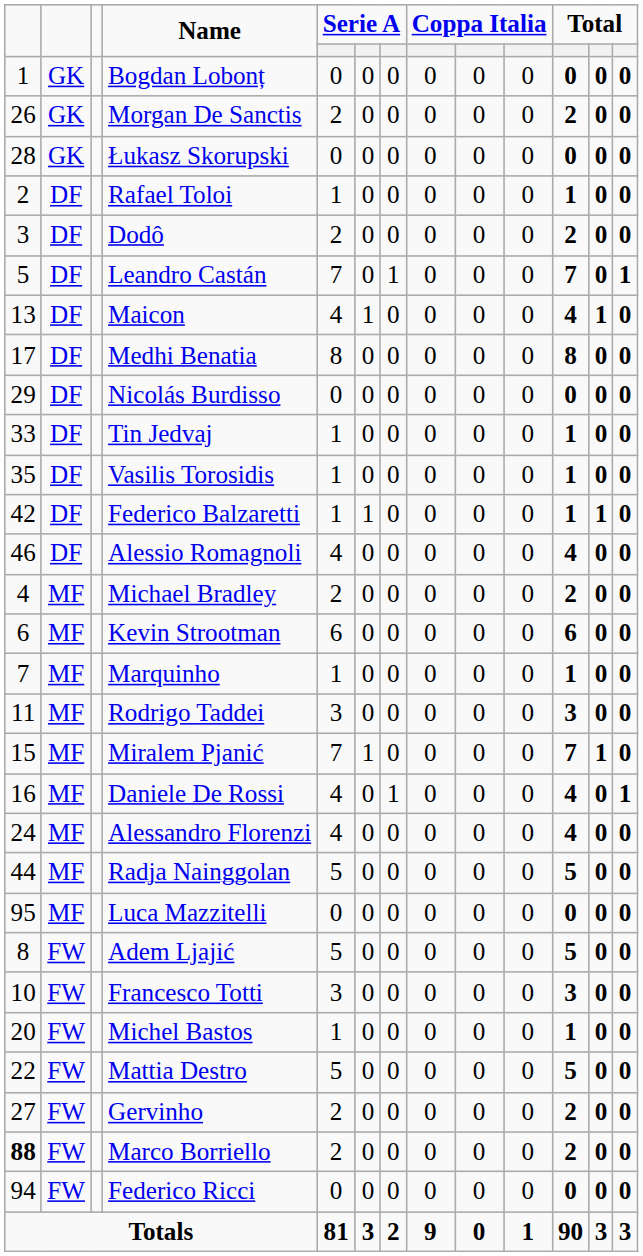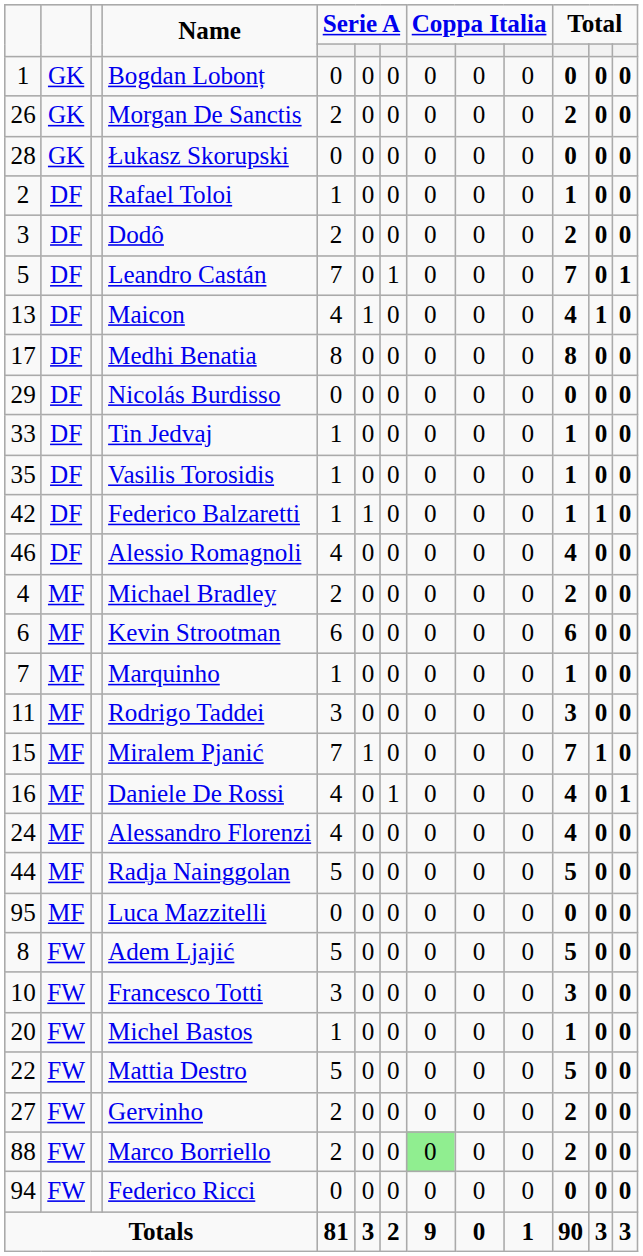 <table class="wikitable" style="text-align:center">
 <tr>
 <td rowspan="2" !width=15><strong></strong></td>
 <td rowspan="2" !width=15><strong></strong></td>
 <td rowspan="2" !width=15><strong></strong></td>
 <td rowspan="2" !width=120><strong>Name</strong></td>
 <td colspan="3"><strong><a href='#'>Serie A</a></strong></td>
 <td colspan="3"><strong><a href='#'>Coppa Italia</a></strong></td>
 <td colspan="3"><strong>Total</strong></td>
 </tr>
 <tr>
 <th "width=34; background:#fe9;"></th>
 <th "width=34; background:#fe9;"></th>
 <th "width=34; background:#ff8888;"></th>
 <th "width=34; background:#fe9;"></th>
 <th "width=34; background:#fe9;"></th>
 <th "width=34; background:#ff8888;"></th>
 <th "width=34; background:#fe9;"></th>
 <th "width=34; background:#fe9;"></th>
 <th "width=34; background:#ff8888;"></th>
 </tr>
 <tr>
 <td>1</td>
 <td><a href='#'>GK</a></td>
 <td></td>
 <td align=left><a href='#'>Bogdan Lobonț</a></td>
 <td>0</td>
 <td>0</td>
 <td>0</td>
 <td>0</td>
 <td>0</td>
 <td>0</td>
 <td><strong>0</strong></td>
 <td><strong>0</strong></td>
 <td><strong>0</strong></td>
 </tr>
 <tr>
 <td>26</td>
 <td><a href='#'>GK</a></td>
 <td></td>
 <td align=left><a href='#'>Morgan De Sanctis</a></td>
 <td>2</td>
 <td>0</td>
 <td>0</td>
 <td>0</td>
 <td>0</td>
 <td>0</td>
 <td><strong>2</strong></td>
 <td><strong>0</strong></td>
 <td><strong>0</strong></td>
 </tr>
 <tr>
 <td>28</td>
 <td><a href='#'>GK</a></td>
 <td></td>
 <td align=left><a href='#'>Łukasz Skorupski</a></td>
 <td>0</td>
 <td>0</td>
 <td>0</td>
 <td>0</td>
 <td>0</td>
 <td>0</td>
 <td><strong>0</strong></td>
 <td><strong>0</strong></td>
 <td><strong>0</strong></td>
 </tr>
 <tr>
 <td>2</td>
 <td><a href='#'>DF</a></td>
 <td></td>
 <td align=left><a href='#'>Rafael Toloi</a></td>
 <td>1</td>
 <td>0</td>
 <td>0</td>
 <td>0</td>
 <td>0</td>
 <td>0</td>
 <td><strong>1</strong></td>
 <td><strong>0</strong></td>
 <td><strong>0</strong></td>
 </tr>
 <tr>
 <td>3</td>
 <td><a href='#'>DF</a></td>
 <td></td>
 <td align=left><a href='#'>Dodô</a></td>
 <td>2</td>
 <td>0</td>
 <td>0</td>
 <td>0</td>
 <td>0</td>
 <td>0</td>
 <td><strong>2</strong></td>
 <td><strong>0</strong></td>
 <td><strong>0</strong></td>
 </tr>
 <tr>
 <td>5</td>
 <td><a href='#'>DF</a></td>
 <td></td>
 <td align=left><a href='#'>Leandro Castán</a></td>
 <td>7</td>
 <td>0</td>
 <td>1</td>
 <td>0</td>
 <td>0</td>
 <td>0</td>
 <td><strong>7</strong></td>
 <td><strong>0</strong></td>
 <td><strong>1</strong></td>
 </tr>
 <tr>
 <td>13</td>
 <td><a href='#'>DF</a></td>
 <td></td>
 <td align=left><a href='#'>Maicon</a></td>
 <td>4</td>
 <td>1</td>
 <td>0</td>
 <td>0</td>
 <td>0</td>
 <td>0</td>
 <td><strong>4</strong></td>
 <td><strong>1</strong></td>
 <td><strong>0</strong></td>
 </tr>
 <tr>
 <td>17</td>
 <td><a href='#'>DF</a></td>
 <td></td>
 <td align=left><a href='#'>Medhi Benatia</a></td>
 <td>8</td>
 <td>0</td>
 <td>0</td>
 <td>0</td>
 <td>0</td>
 <td>0</td>
 <td><strong>8</strong></td>
 <td><strong>0</strong></td>
 <td><strong>0</strong></td>
 </tr>
 <tr>
 <td>29</td>
 <td><a href='#'>DF</a></td>
 <td></td>
 <td align=left><a href='#'>Nicolás Burdisso</a></td>
 <td>0</td>
 <td>0</td>
 <td>0</td>
 <td>0</td>
 <td>0</td>
 <td>0</td>
 <td><strong>0</strong></td>
 <td><strong>0</strong></td>
 <td><strong>0</strong></td>
 </tr>
 <tr>
 <td>33</td>
 <td><a href='#'>DF</a></td>
 <td></td>
 <td align=left><a href='#'>Tin Jedvaj</a></td>
 <td>1</td>
 <td>0</td>
 <td>0</td>
 <td>0</td>
 <td>0</td>
 <td>0</td>
 <td><strong>1</strong></td>
 <td><strong>0</strong></td>
 <td><strong>0</strong></td>
 </tr>
 <tr>
 <td>35</td>
 <td><a href='#'>DF</a></td>
 <td></td>
 <td align=left><a href='#'>Vasilis Torosidis</a></td>
 <td>1</td>
 <td>0</td>
 <td>0</td>
 <td>0</td>
 <td>0</td>
 <td>0</td>
 <td><strong>1</strong></td>
 <td><strong>0</strong></td>
 <td><strong>0</strong></td>
 </tr>
 <tr>
 <td>42</td>
 <td><a href='#'>DF</a></td>
 <td></td>
 <td align=left><a href='#'>Federico Balzaretti</a></td>
 <td>1</td>
 <td>1</td>
 <td>0</td>
 <td>0</td>
 <td>0</td>
 <td>0</td>
 <td><strong>1</strong></td>
 <td><strong>1</strong></td>
 <td><strong>0</strong></td>
 </tr>
 <tr>
 <td>46</td>
 <td><a href='#'>DF</a></td>
 <td></td>
 <td align=left><a href='#'>Alessio Romagnoli</a></td>
 <td>4</td>
 <td>0</td>
 <td>0</td>
 <td>0</td>
 <td>0</td>
 <td>0</td>
 <td><strong>4</strong></td>
 <td><strong>0</strong></td>
 <td><strong>0</strong></td>
 </tr>
 <tr>
 <td>4</td>
 <td><a href='#'>MF</a></td>
 <td></td>
 <td align=left><a href='#'>Michael Bradley</a></td>
 <td>2</td>
 <td>0</td>
 <td>0</td>
 <td>0</td>
 <td>0</td>
 <td>0</td>
 <td><strong>2</strong></td>
 <td><strong>0</strong></td>
 <td><strong>0</strong></td>
 </tr>
 <tr>
 <td>6</td>
 <td><a href='#'>MF</a></td>
 <td></td>
 <td align=left><a href='#'>Kevin Strootman</a></td>
 <td>6</td>
 <td>0</td>
 <td>0</td>
 <td>0</td>
 <td>0</td>
 <td>0</td>
 <td><strong>6</strong></td>
 <td><strong>0</strong></td>
 <td><strong>0</strong></td>
 </tr>
 <tr>
 <td>7</td>
 <td><a href='#'>MF</a></td>
 <td></td>
 <td align=left><a href='#'>Marquinho</a></td>
 <td>1</td>
 <td>0</td>
 <td>0</td>
 <td>0</td>
 <td>0</td>
 <td>0</td>
 <td><strong>1</strong></td>
 <td><strong>0</strong></td>
 <td><strong>0</strong></td>
 </tr>
 <tr>
 <td>11</td>
 <td><a href='#'>MF</a></td>
 <td></td>
 <td align=left><a href='#'>Rodrigo Taddei</a></td>
 <td>3</td>
 <td>0</td>
 <td>0</td>
 <td>0</td>
 <td>0</td>
 <td>0</td>
 <td><strong>3</strong></td>
 <td><strong>0</strong></td>
 <td><strong>0</strong></td>
 </tr>
 <tr>
 <td>15</td>
 <td><a href='#'>MF</a></td>
 <td></td>
 <td align=left><a href='#'>Miralem Pjanić</a></td>
 <td>7</td>
 <td>1</td>
 <td>0</td>
 <td>0</td>
 <td>0</td>
 <td>0</td>
 <td><strong>7</strong></td>
 <td><strong>1</strong></td>
 <td><strong>0</strong></td>
 </tr>
 <tr>
 <td>16</td>
 <td><a href='#'>MF</a></td>
 <td></td>
 <td align=left><a href='#'>Daniele De Rossi</a></td>
 <td>4</td>
 <td>0</td>
 <td>1</td>
 <td>0</td>
 <td>0</td>
 <td>0</td>
 <td><strong>4</strong></td>
 <td><strong>0</strong></td>
 <td><strong>1</strong></td>
 </tr>
 <tr>
 <td>24</td>
 <td><a href='#'>MF</a></td>
 <td></td>
 <td align=left><a href='#'>Alessandro Florenzi</a></td>
 <td>4</td>
 <td>0</td>
 <td>0</td>
 <td>0</td>
 <td>0</td>
 <td>0</td>
 <td><strong>4</strong></td>
 <td><strong>0</strong></td>
 <td><strong>0</strong></td>
 </tr>
 <tr>
 <td>44</td>
 <td><a href='#'>MF</a></td>
 <td></td>
 <td align=left><a href='#'>Radja Nainggolan</a></td>
 <td>5</td>
 <td>0</td>
 <td>0</td>
 <td>0</td>
 <td>0</td>
 <td>0</td>
 <td><strong>5</strong></td>
 <td><strong>0</strong></td>
 <td><strong>0</strong></td>
 </tr>
 <tr>
 <td>95</td>
 <td><a href='#'>MF</a></td>
 <td></td>
 <td align=left><a href='#'>Luca Mazzitelli</a></td>
 <td>0</td>
 <td>0</td>
 <td>0</td>
 <td>0</td>
 <td>0</td>
 <td>0</td>
 <td><strong>0</strong></td>
 <td><strong>0</strong></td>
 <td><strong>0</strong></td>
 </tr>
 <tr>
 <td>8</td>
 <td><a href='#'>FW</a></td>
 <td></td>
 <td align=left><a href='#'>Adem Ljajić</a></td>
 <td>5</td>
 <td>0</td>
 <td>0</td>
 <td>0</td>
 <td>0</td>
 <td>0</td>
 <td><strong>5</strong></td>
 <td><strong>0</strong></td>
 <td><strong>0</strong></td>
 </tr>
 <tr>
 <td>10</td>
 <td><a href='#'>FW</a></td>
 <td></td>
 <td align=left><a href='#'>Francesco Totti</a></td>
 <td>3</td>
 <td>0</td>
 <td>0</td>
 <td>0</td>
 <td>0</td>
 <td>0</td>
 <td><strong>3</strong></td>
 <td><strong>0</strong></td>
 <td><strong>0</strong></td>
 </tr>
 <tr>
 <td>20</td>
 <td><a href='#'>FW</a></td>
 <td></td>
 <td align=left><a href='#'>Michel Bastos</a></td>
 <td>1</td>
 <td>0</td>
 <td>0</td>
 <td>0</td>
 <td>0</td>
 <td>0</td>
 <td><strong>1</strong></td>
 <td><strong>0</strong></td>
 <td><strong>0</strong></td>
 </tr>
 <tr>
 <td>22</td>
 <td><a href='#'>FW</a></td>
 <td></td>
 <td align=left><a href='#'>Mattia Destro</a></td>
 <td>5</td>
 <td>0</td>
 <td>0</td>
 <td>0</td>
 <td>0</td>
 <td>0</td>
 <td><strong>5</strong></td>
 <td><strong>0</strong></td>
 <td><strong>0</strong></td>
 </tr>
 <tr>
 <td>27</td>
 <td><a href='#'>FW</a></td>
 <td></td>
 <td align=left><a href='#'>Gervinho</a></td>
 <td>2</td>
 <td>0</td>
 <td>0</td>
 <td>0</td>
 <td>0</td>
 <td>0</td>
 <td><strong>2</strong></td>
 <td><strong>0</strong></td>
 <td><strong>0</strong></td>
 </tr>
 <tr>
-<td><strong>88</strong></td>
+<td>88</td>
 <td><a href='#'>FW</a></td>
 <td></td>
 <td align=left><a href='#'>Marco Borriello</a></td>
 <td>2</td>
 <td>0</td>
 <td>0</td>
-<td>0</td>
+<td style="background: lightgreen;">0</td>
 <td>0</td>
 <td>0</td>
 <td><strong>2</strong></td>
 <td><strong>0</strong></td>
 <td><strong>0</strong></td>
 </tr>
 <tr>
 <td>94</td>
 <td><a href='#'>FW</a></td>
 <td></td>
 <td align=left><a href='#'>Federico Ricci</a></td>
 <td>0</td>
 <td>0</td>
 <td>0</td>
 <td>0</td>
 <td>0</td>
 <td>0</td>
 <td><strong>0</strong></td>
 <td><strong>0</strong></td>
 <td><strong>0</strong></td>
 </tr>
 <tr>
 <td colspan=4><strong>Totals</strong></td>
 <td><strong>81</strong></td>
 <td><strong>3</strong></td>
 <td><strong>2</strong></td>
 <td><strong>9</strong></td>
 <td><strong>0</strong></td>
 <td><strong>1</strong></td>
 <td><strong>90</strong></td>
 <td><strong>3</strong></td>
 <td><strong>3</strong></td>
 </tr>
 </table>
